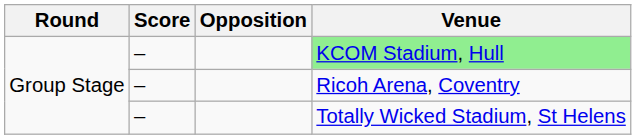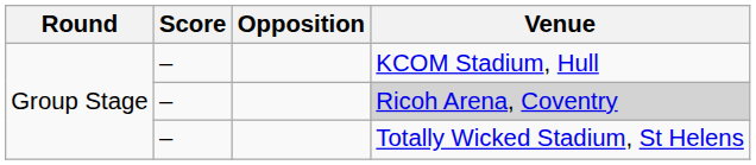 <table class="wikitable">
 <tr>
 <th>Round</th>
 <th>Score</th>
 <th>Opposition</th>
 <th>Venue</th>
 </tr>
 <tr>
 <td rowspan="3">Group Stage</td>
 <td>–</td>
 <td></td>
-<td style="background: lightgreen;"><a href='#'>KCOM Stadium</a>, <a href='#'>Hull</a></td>
+<td><a href='#'>KCOM Stadium</a>, <a href='#'>Hull</a></td>
 </tr>
 <tr>
 <td>–</td>
 <td></td>
-<td><a href='#'>Ricoh Arena</a>, <a href='#'>Coventry</a></td>
+<td style="background: lightgrey;"><a href='#'>Ricoh Arena</a>, <a href='#'>Coventry</a></td>
 </tr>
 <tr>
 <td>–</td>
 <td></td>
 <td><a href='#'>Totally Wicked Stadium</a>, <a href='#'>St Helens</a></td>
 </tr>
 </table>
